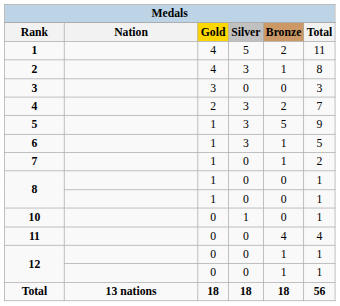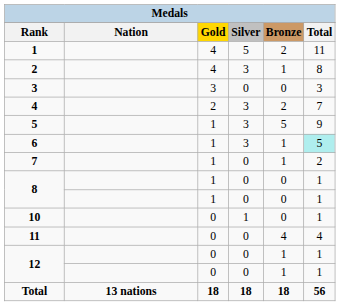 <table class="wikitable" style="text-align:center">
 <tr>
 <td colspan="6" style="background:#BCD4E6"><strong>Medals</strong></td>
 </tr>
 <tr>
 </tr>
 <tr style="background-color:#EDEDED;">
 <th width="75px" class="hintergrundfarbe5">Rank</th>
 <th width="175px" class="hintergrundfarbe6">Nation</th>
 <th style="background:    gold; width:35px ">Gold</th>
 <th style="background:  silver; width:35px ">Silver</th>
 <th style="background: #CC9966; width:35px ">Bronze</th>
 <th width="35px">Total</th>
 </tr>
 <tr>
 <td><strong>1</strong></td>
 <td align=left></td>
 <td>4</td>
 <td>5</td>
 <td>2</td>
 <td>11</td>
 </tr>
 <tr>
 <td><strong>2</strong></td>
 <td align=left><em></em></td>
 <td>4</td>
 <td>3</td>
 <td>1</td>
 <td>8</td>
 </tr>
 <tr>
 <td><strong>3</strong></td>
 <td align=left></td>
 <td>3</td>
 <td>0</td>
 <td>0</td>
 <td>3</td>
 </tr>
 <tr>
 <td><strong>4</strong></td>
 <td align=left></td>
 <td>2</td>
 <td>3</td>
 <td>2</td>
 <td>7</td>
 </tr>
 <tr>
 <td><strong>5</strong></td>
 <td align=left></td>
 <td>1</td>
 <td>3</td>
 <td>5</td>
 <td>9</td>
 </tr>
 <tr>
 <td><strong>6</strong></td>
 <td align=left></td>
 <td>1</td>
 <td>3</td>
 <td>1</td>
-<td>5</td>
+<td style="background: paleturquoise;">5</td>
 </tr>
 <tr>
 <td><strong>7</strong></td>
 <td align=left><em></em></td>
 <td>1</td>
 <td>0</td>
 <td>1</td>
 <td>2</td>
 </tr>
 <tr>
 <td rowspan="2"><strong>8</strong></td>
 <td align=left><em> </em></td>
 <td>1</td>
 <td>0</td>
 <td>0</td>
 <td>1</td>
 </tr>
 <tr>
 <td align=left><em></em></td>
 <td>1</td>
 <td>0</td>
 <td>0</td>
 <td>1</td>
 </tr>
 <tr>
 <td><strong>10</strong></td>
 <td align=left><em></em></td>
 <td>0</td>
 <td>1</td>
 <td>0</td>
 <td>1</td>
 </tr>
 <tr>
 <td><strong>11</strong></td>
 <td align=left></td>
 <td>0</td>
 <td>0</td>
 <td>4</td>
 <td>4</td>
 </tr>
 <tr>
 <td rowspan=2><strong>12</strong></td>
 <td align=left><em></em></td>
 <td>0</td>
 <td>0</td>
 <td>1</td>
 <td>1</td>
 </tr>
 <tr>
 <td align=left></td>
 <td>0</td>
 <td>0</td>
 <td>1</td>
 <td>1</td>
 </tr>
 <tr>
 <td><strong>Total</strong></td>
 <td><strong>13 nations</strong></td>
 <td><strong>18</strong></td>
 <td><strong>18</strong></td>
 <td><strong>18</strong></td>
 <td><strong>56</strong></td>
 </tr>
 </table>
